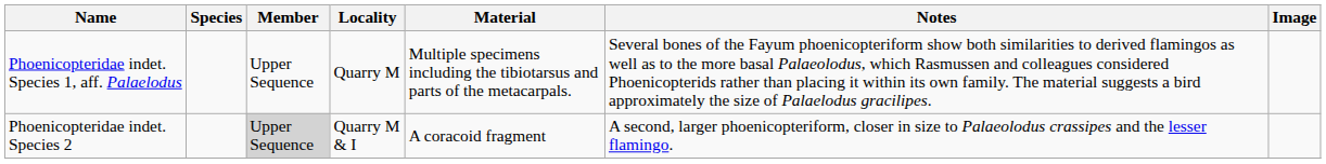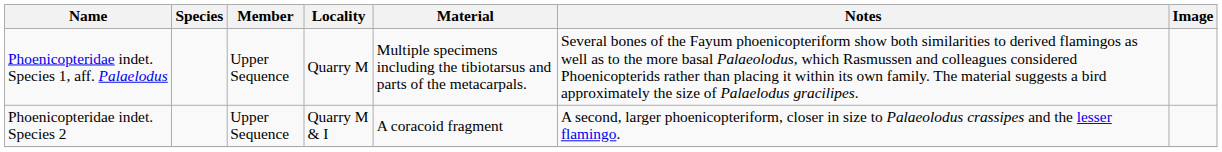 <table class="wikitable" align="center" width="100%">
 <tr>
 <th>Name</th>
 <th>Species</th>
 <th>Member</th>
 <th>Locality</th>
 <th>Material</th>
 <th>Notes</th>
 <th>Image</th>
 </tr>
 <tr>
 <td><a href='#'>Phoenicopteridae</a> indet. Species 1, aff. <em><a href='#'>Palaelodus</a></em></td>
 <td></td>
 <td>Upper Sequence</td>
 <td>Quarry M</td>
 <td>Multiple specimens including the tibiotarsus and parts of the metacarpals.</td>
 <td>Several bones of the Fayum phoenicopteriform show both similarities to derived flamingos as well as to the more basal <em>Palaeolodus</em>, which Rasmussen and colleagues considered Phoenicopterids rather than placing it within its own family. The material suggests a bird approximately the size of <em>Palaelodus gracilipes</em>.</td>
 <td></td>
 </tr>
 <tr>
 <td>Phoenicopteridae indet. Species 2</td>
 <td></td>
-<td style="background: lightgrey;">Upper Sequence</td>
+<td>Upper Sequence</td>
 <td>Quarry M & I</td>
 <td>A coracoid fragment</td>
 <td>A second, larger phoenicopteriform, closer in size to <em>Palaeolodus crassipes</em> and the <a href='#'>lesser flamingo</a>.</td>
 <td></td>
 </tr>
 <tr>
 </tr>
 </table>
